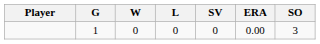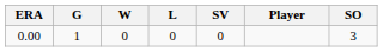 <table class="wikitable sortable">
 <tr>
-<th bgcolor="#DDDDFF" width="16%">Player</th>
+<th bgcolor="#DDDDFF" width="9%">ERA</th>
 <th bgcolor="#DDDDFF" width="9%">G</th>
 <th bgcolor="#DDDDFF" width="9%">W</th>
 <th bgcolor="#DDDDFF" width="9%">L</th>
 <th bgcolor="#DDDDFF" width="9%">SV</th>
-<th bgcolor="#DDDDFF" width="9%">ERA</th>
+<th bgcolor="#DDDDFF" width="16%">Player</th>
 <th bgcolor="#DDDDFF" width="9%">SO</th>
 </tr>
 <tr align="center">
-<td></td>
+<td>0.00</td>
 <td>1</td>
 <td>0</td>
 <td>0</td>
 <td>0</td>
-<td>0.00</td>
+<td></td>
 <td>3</td>
 </tr>
 </table>
